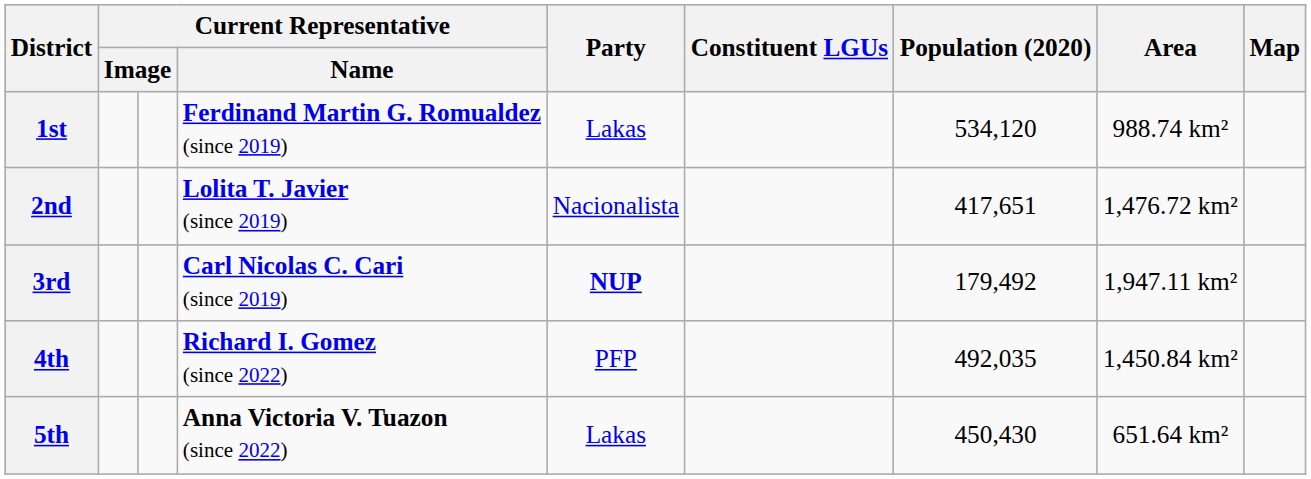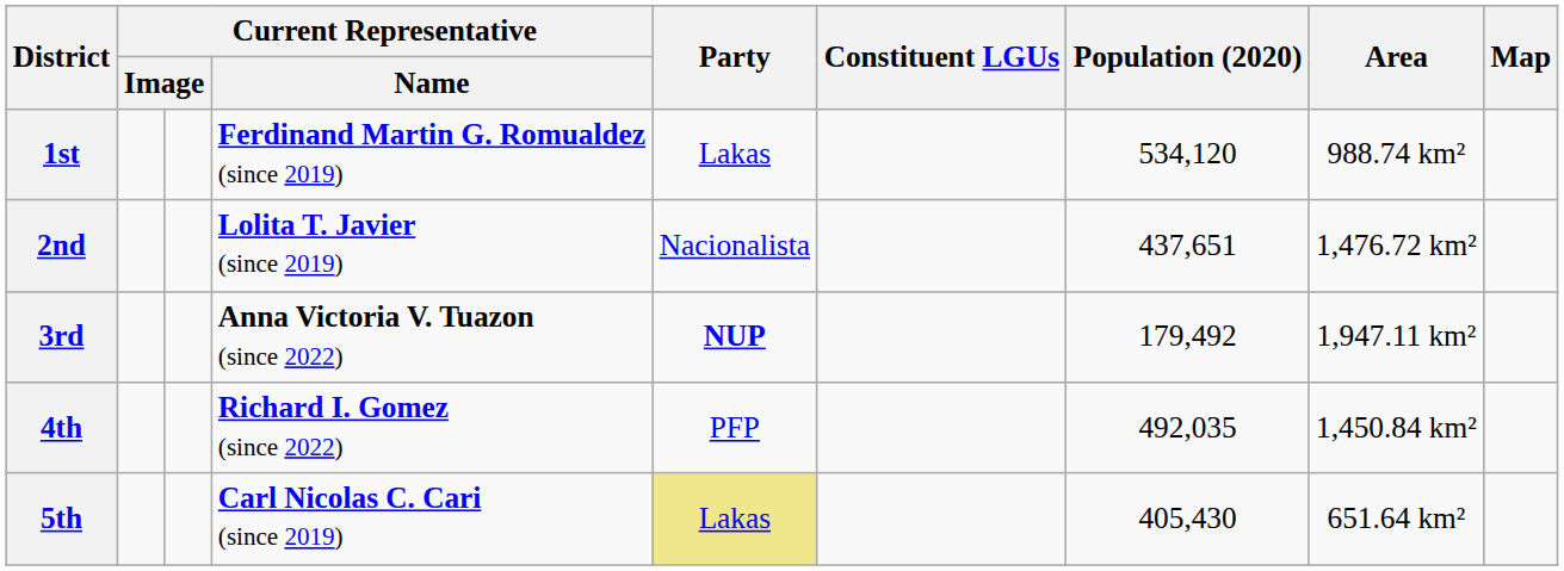 <table class="wikitable sortable" style="margin: 1em auto; font-size:100%; line-height:20px; text-align:center">
 <tr>
 <th rowspan="2">District</th>
 <th colspan="3">Current Representative</th>
 <th rowspan="2">Party</th>
 <th rowspan="2">Constituent <a href='#'>LGUs</a></th>
 <th rowspan="2">Population (2020)</th>
 <th rowspan="2">Area</th>
 <th rowspan="2">Map</th>
 </tr>
 <tr>
 <th colspan="2">Image</th>
 <th>Name</th>
 </tr>
 <tr>
 <th><a href='#'>1st</a></th>
 <td style="background:"></td>
 <td></td>
 <td style="text-align:left;"><strong><a href='#'>Ferdinand Martin G. Romualdez</a></strong><br><small>(since <a href='#'>2019</a>)</small></td>
 <td><a href='#'>Lakas</a></td>
 <td></td>
 <td>534,120</td>
 <td>988.74 km²</td>
 <td></td>
 </tr>
 <tr>
 <th><a href='#'>2nd</a></th>
 <td style="background:"></td>
 <td></td>
 <td style="text-align:left;"><strong><a href='#'>Lolita T. Javier</a></strong><br><small>(since <a href='#'>2019</a>)</small></td>
 <td><a href='#'>Nacionalista</a></td>
 <td></td>
-<td>417,651</td>
+<td>437,651</td>
 <td>1,476.72 km²</td>
 <td></td>
 </tr>
 <tr>
 <th><a href='#'>3rd</a></th>
 <td style="background:"></td>
 <td></td>
-<td style="text-align:left;"><strong><a href='#'>Carl Nicolas C. Cari</a></strong><br><small>(since <a href='#'>2019</a>)</small></td>
+<td style="text-align:left;"><strong>Anna Victoria V. Tuazon</strong><br><small>(since <a href='#'>2022</a>)</small></td>
 <td><strong><a href='#'>NUP</a></strong></td>
 <td></td>
 <td>179,492</td>
 <td>1,947.11 km²</td>
 <td></td>
 </tr>
 <tr>
 <th><a href='#'>4th</a></th>
 <td style="background:"></td>
 <td></td>
 <td style="text-align:left;"><strong><a href='#'>Richard I. Gomez</a></strong><br><small>(since <a href='#'>2022</a>)</small></td>
 <td><a href='#'>PFP</a></td>
 <td></td>
 <td>492,035</td>
 <td>1,450.84 km²</td>
 <td></td>
 </tr>
 <tr>
 <th><a href='#'>5th</a></th>
 <td style="background:"></td>
 <td></td>
-<td style="text-align:left;"><strong>Anna Victoria V. Tuazon</strong><br><small>(since <a href='#'>2022</a>)</small></td>
-<td><a href='#'>Lakas</a></td>
+<td style="text-align:left;"><strong><a href='#'>Carl Nicolas C. Cari</a></strong><br><small>(since <a href='#'>2019</a>)</small></td>
+<td style="background: khaki;"><a href='#'>Lakas</a></td>
 <td></td>
-<td>450,430</td>
+<td>405,430</td>
 <td>651.64 km²</td>
 <td></td>
 </tr>
 </table>
